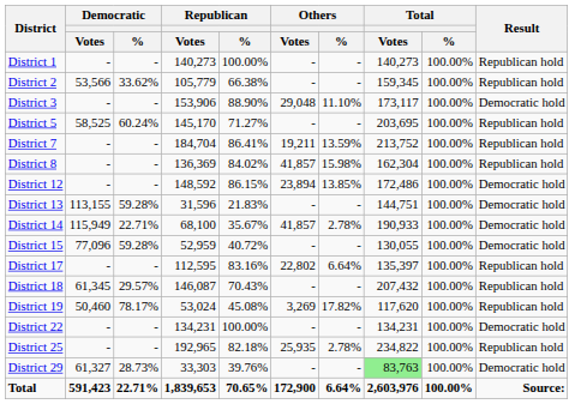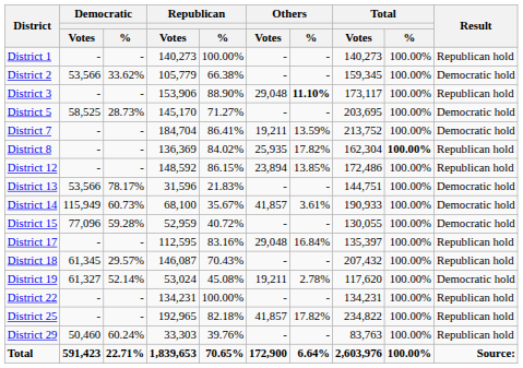 <table class="wikitable plainrowheaders sortable" style="font-size:100%; text-align:right;">
 <tr>
 <th rowspan="3">District</th>
 <th colspan="2">Democratic</th>
 <th colspan="2">Republican</th>
 <th colspan="2">Others</th>
 <th colspan="2">Total</th>
 <th rowspan="3">Result</th>
 </tr>
 <tr>
 <th colspan="2" style="background:"></th>
 <th colspan="2" style="background:"></th>
 <th colspan="2"></th>
 <th colspan="2"></th>
 </tr>
 <tr>
 <th scope="col" data-sort-type="number">Votes</th>
 <th scope="col" data-sort-type="number">%</th>
 <th scope="col" data-sort-type="number">Votes</th>
 <th scope="col" data-sort-type="number">%</th>
 <th scope="col" data-sort-type="number">Votes</th>
 <th scope="col" data-sort-type="number">%</th>
 <th scope="col" data-sort-type="number">Votes</th>
 <th scope="col" data-sort-type="number">%</th>
 </tr>
 <tr>
 <td align="left"><a href='#'>District 1</a></td>
 <td>-</td>
 <td>-</td>
 <td>140,273</td>
 <td>100.00%</td>
 <td>-</td>
 <td>-</td>
 <td>140,273</td>
 <td>100.00%</td>
 <td align="left">Republican hold</td>
 </tr>
 <tr>
 <td align="left"><a href='#'>District 2</a></td>
 <td>53,566</td>
 <td>33.62%</td>
 <td>105,779</td>
 <td>66.38%</td>
 <td>-</td>
 <td>-</td>
 <td>159,345</td>
 <td>100.00%</td>
-<td align="left">Republican hold</td>
+<td align="left">Democratic hold</td>
 </tr>
 <tr>
 <td align="left"><a href='#'>District 3</a></td>
 <td>-</td>
 <td>-</td>
 <td>153,906</td>
 <td>88.90%</td>
 <td>29,048</td>
-<td>11.10%</td>
+<td><strong>11.10%</strong></td>
 <td>173,117</td>
 <td>100.00%</td>
-<td align="left">Democratic hold</td>
+<td align="left">Republican hold</td>
 </tr>
 <tr>
 <td align="left"><a href='#'>District 5</a></td>
 <td>58,525</td>
-<td>60.24%</td>
+<td>28.73%</td>
 <td>145,170</td>
 <td>71.27%</td>
 <td>-</td>
 <td>-</td>
 <td>203,695</td>
 <td>100.00%</td>
-<td align="left">Republican hold</td>
+<td align="left">Democratic hold</td>
 </tr>
 <tr>
 <td align="left"><a href='#'>District 7</a></td>
 <td>-</td>
 <td>-</td>
 <td>184,704</td>
 <td>86.41%</td>
 <td>19,211</td>
 <td>13.59%</td>
 <td>213,752</td>
 <td>100.00%</td>
-<td align="left">Republican hold</td>
+<td align="left">Democratic hold</td>
 </tr>
 <tr>
 <td align="left"><a href='#'>District 8</a></td>
 <td>-</td>
 <td>-</td>
 <td>136,369</td>
 <td>84.02%</td>
-<td>41,857</td>
-<td>15.98%</td>
+<td>25,935</td>
+<td>17.82%</td>
 <td>162,304</td>
-<td>100.00%</td>
+<td><strong>100.00%</strong></td>
 <td align="left">Republican hold</td>
 </tr>
 <tr>
 <td align="left"><a href='#'>District 12</a></td>
 <td>-</td>
 <td>-</td>
 <td>148,592</td>
 <td>86.15%</td>
 <td>23,894</td>
 <td>13.85%</td>
 <td>172,486</td>
 <td>100.00%</td>
-<td align="left">Democratic hold</td>
+<td align="left">Republican hold</td>
 </tr>
 <tr>
 <td align="left"><a href='#'>District 13</a></td>
-<td>113,155</td>
-<td>59.28%</td>
+<td>53,566</td>
+<td>78.17%</td>
 <td>31,596</td>
 <td>21.83%</td>
 <td>-</td>
 <td>-</td>
 <td>144,751</td>
 <td>100.00%</td>
 <td align="left">Democratic hold</td>
 </tr>
 <tr>
 <td align="left"><a href='#'>District 14</a></td>
 <td>115,949</td>
-<td>22.71%</td>
+<td>60.73%</td>
 <td>68,100</td>
 <td>35.67%</td>
 <td>41,857</td>
-<td>2.78%</td>
+<td>3.61%</td>
 <td>190,933</td>
 <td>100.00%</td>
 <td align="left">Democratic hold</td>
 </tr>
 <tr>
 <td align="left"><a href='#'>District 15</a></td>
 <td>77,096</td>
 <td>59.28%</td>
 <td>52,959</td>
 <td>40.72%</td>
 <td>-</td>
 <td>-</td>
 <td>130,055</td>
 <td>100.00%</td>
 <td align="left">Democratic hold</td>
 </tr>
 <tr>
 <td align="left"><a href='#'>District 17</a></td>
 <td>-</td>
 <td>-</td>
 <td>112,595</td>
 <td>83.16%</td>
-<td>22,802</td>
-<td>6.64%</td>
+<td>29,048</td>
+<td>16.84%</td>
 <td>135,397</td>
 <td>100.00%</td>
 <td align="left">Republican hold</td>
 </tr>
 <tr>
 <td align="left"><a href='#'>District 18</a></td>
 <td>61,345</td>
 <td>29.57%</td>
 <td>146,087</td>
 <td>70.43%</td>
 <td>-</td>
 <td>-</td>
 <td>207,432</td>
 <td>100.00%</td>
 <td align="left">Republican hold</td>
 </tr>
 <tr>
 <td align="left"><a href='#'>District 19</a></td>
-<td>50,460</td>
-<td>78.17%</td>
+<td>61,327</td>
+<td>52.14%</td>
 <td>53,024</td>
 <td>45.08%</td>
-<td>3,269</td>
-<td>17.82%</td>
+<td>19,211</td>
+<td>2.78%</td>
 <td>117,620</td>
 <td>100.00%</td>
-<td align="left">Republican hold</td>
+<td align="left">Democratic hold</td>
 </tr>
 <tr>
 <td align="left"><a href='#'>District 22</a></td>
 <td>-</td>
 <td>-</td>
 <td>134,231</td>
 <td>100.00%</td>
 <td>-</td>
 <td>-</td>
 <td>134,231</td>
 <td>100.00%</td>
-<td align="left">Democratic hold</td>
+<td align="left">Republican hold</td>
 </tr>
 <tr>
 <td align="left"><a href='#'>District 25</a></td>
 <td>-</td>
 <td>-</td>
 <td>192,965</td>
 <td>82.18%</td>
-<td>25,935</td>
-<td>2.78%</td>
+<td>41,857</td>
+<td>17.82%</td>
 <td>234,822</td>
 <td>100.00%</td>
 <td align="left">Republican hold</td>
 </tr>
 <tr>
 <td align="left"><a href='#'>District 29</a></td>
-<td>61,327</td>
-<td>28.73%</td>
+<td>50,460</td>
+<td>60.24%</td>
 <td>33,303</td>
 <td>39.76%</td>
 <td>-</td>
 <td>-</td>
-<td style="background: lightgreen;">83,763</td>
+<td>83,763</td>
 <td>100.00%</td>
-<td align="left">Democratic hold</td>
+<td align="left">Republican hold</td>
 </tr>
 <tr class="sortbottom" style="font-weight:bold">
 <td align="left">Total</td>
 <td>591,423</td>
 <td>22.71%</td>
 <td>1,839,653</td>
 <td>70.65%</td>
 <td>172,900</td>
 <td>6.64%</td>
 <td>2,603,976</td>
 <td>100.00%</td>
 <td>Source:</td>
 </tr>
 </table>
